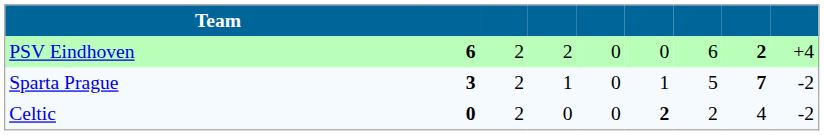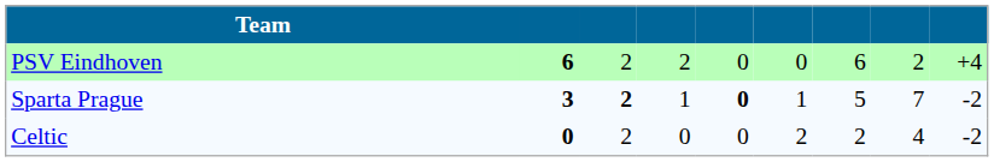 <table cellpadding="3" cellspacing="0" style="background: #f5faff; border: 1px #aaa solid; border-collapse: collapse; font-size: 95%;" width=50%>
 <tr style="background:#006699;color:white;">
 <th width=44%>Team</th>
 <th width=5%></th>
 <th width=5%></th>
 <th width=5%></th>
 <th width=5%></th>
 <th width=5%></th>
 <th width=5%></th>
 <th width=5%></th>
 <th width=5%></th>
 </tr>
 <tr align=right bgcolor=#B9FFB9>
 <td style="text-align:left;"> <a href='#'>PSV Eindhoven</a></td>
 <td><strong>6</strong></td>
 <td>2</td>
 <td>2</td>
 <td>0</td>
 <td>0</td>
 <td>6</td>
-<td><strong>2</strong></td>
+<td>2</td>
 <td>+4</td>
 </tr>
 <tr align=right>
 <td style="text-align:left;"> <a href='#'>Sparta Prague</a></td>
 <td><strong>3</strong></td>
-<td>2</td>
+<td><strong>2</strong></td>
 <td>1</td>
-<td>0</td>
+<td><strong>0</strong></td>
 <td>1</td>
 <td>5</td>
-<td><strong>7</strong></td>
+<td>7</td>
 <td>-2</td>
 </tr>
 <tr align=right>
 <td style="text-align:left;"> <a href='#'>Celtic</a></td>
 <td><strong>0</strong></td>
 <td>2</td>
 <td>0</td>
 <td>0</td>
-<td><strong>2</strong></td>
+<td>2</td>
 <td>2</td>
 <td>4</td>
 <td>-2</td>
 </tr>
 </table>
